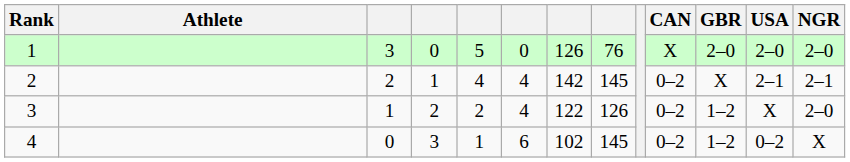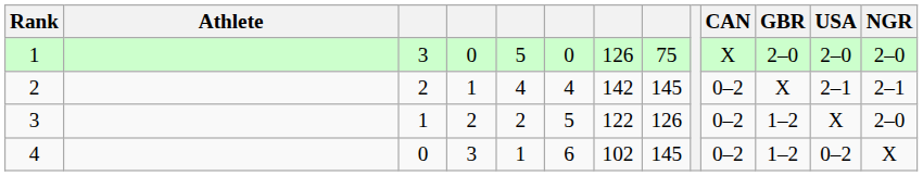 <table class="wikitable" style="text-align:center">
 <tr>
 <th>Rank</th>
 <th width=250>Athlete</th>
 <th width=30></th>
 <th width=30></th>
 <th width=30></th>
 <th width=30></th>
 <th width=30></th>
 <th width=30></th>
 <th rowspan=5></th>
 <th width=30>CAN</th>
 <th width=30>GBR</th>
 <th width=30>USA</th>
 <th width=30>NGR</th>
 </tr>
 <tr style="background-color:#ccffcc;">
 <td>1</td>
 <td align=left></td>
 <td>3</td>
 <td>0</td>
 <td>5</td>
 <td>0</td>
 <td>126</td>
-<td>76</td>
+<td>75</td>
 <td>X</td>
 <td>2–0</td>
 <td>2–0</td>
 <td>2–0</td>
 </tr>
 <tr>
 <td>2</td>
 <td align=left></td>
 <td>2</td>
 <td>1</td>
 <td>4</td>
 <td>4</td>
 <td>142</td>
 <td>145</td>
 <td>0–2</td>
 <td>X</td>
 <td>2–1</td>
 <td>2–1</td>
 </tr>
 <tr>
 <td>3</td>
 <td align=left></td>
 <td>1</td>
 <td>2</td>
 <td>2</td>
-<td>4</td>
+<td>5</td>
 <td>122</td>
 <td>126</td>
 <td>0–2</td>
 <td>1–2</td>
 <td>X</td>
 <td>2–0</td>
 </tr>
 <tr>
 <td>4</td>
 <td align=left></td>
 <td>0</td>
 <td>3</td>
 <td>1</td>
 <td>6</td>
 <td>102</td>
 <td>145</td>
 <td>0–2</td>
 <td>1–2</td>
 <td>0–2</td>
 <td>X</td>
 </tr>
 </table>
